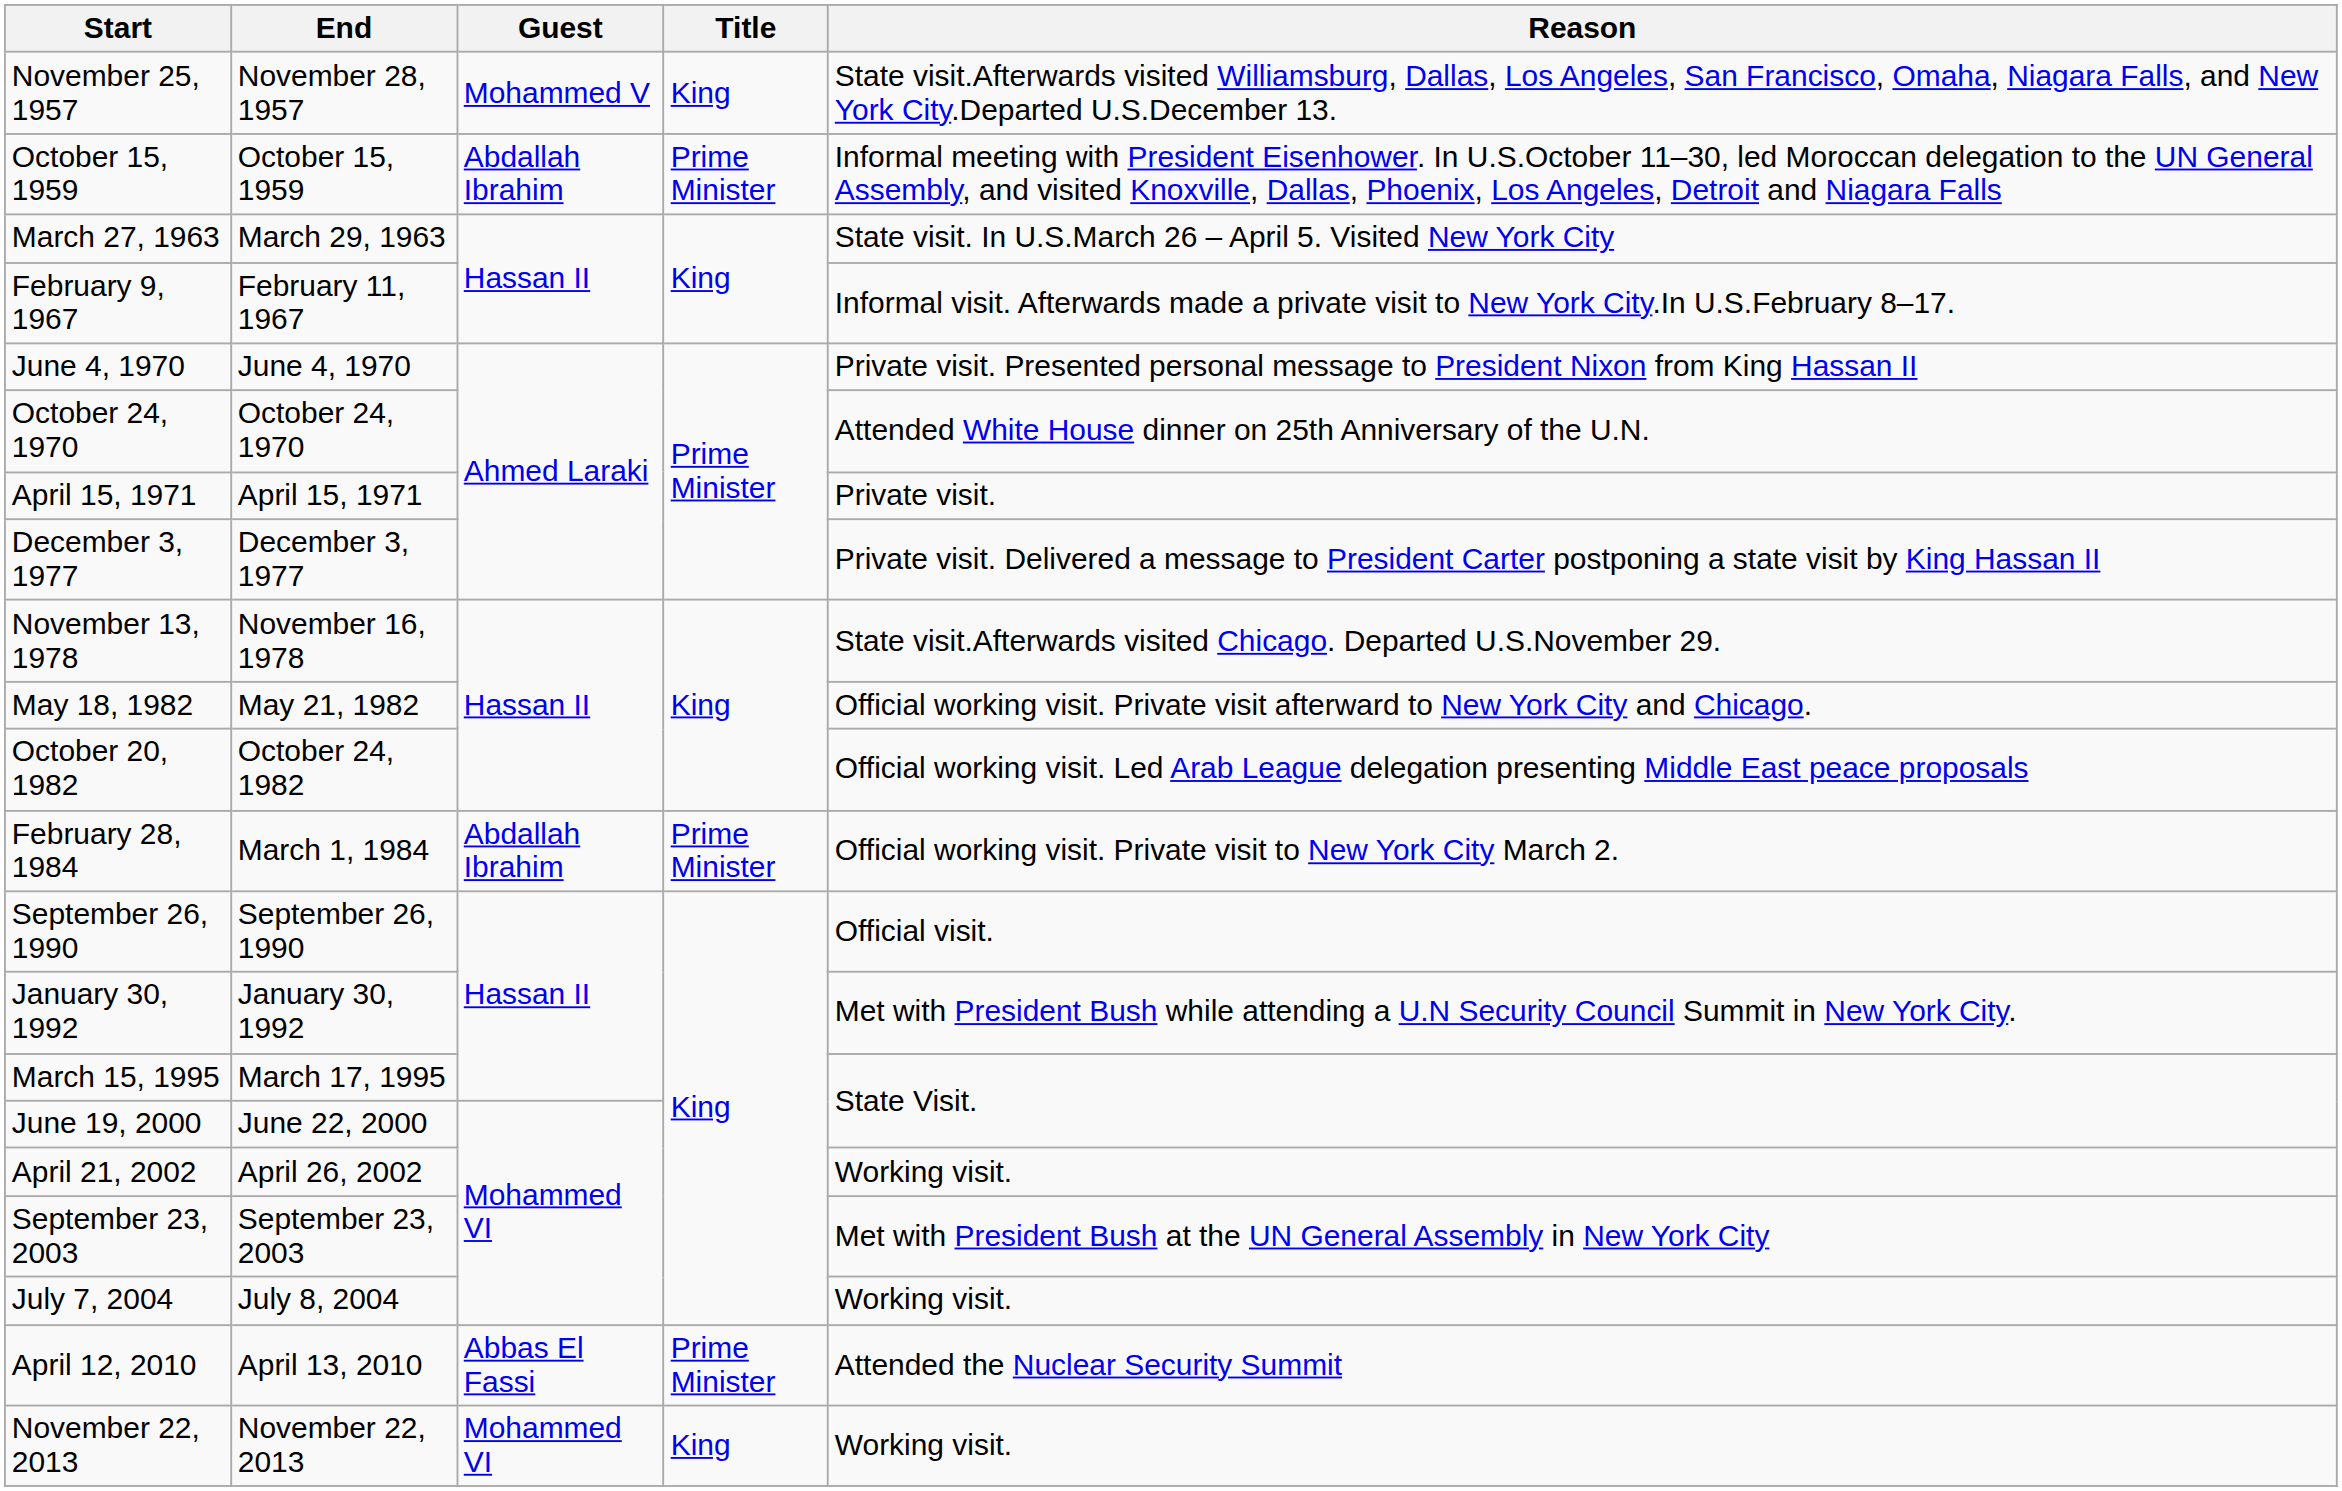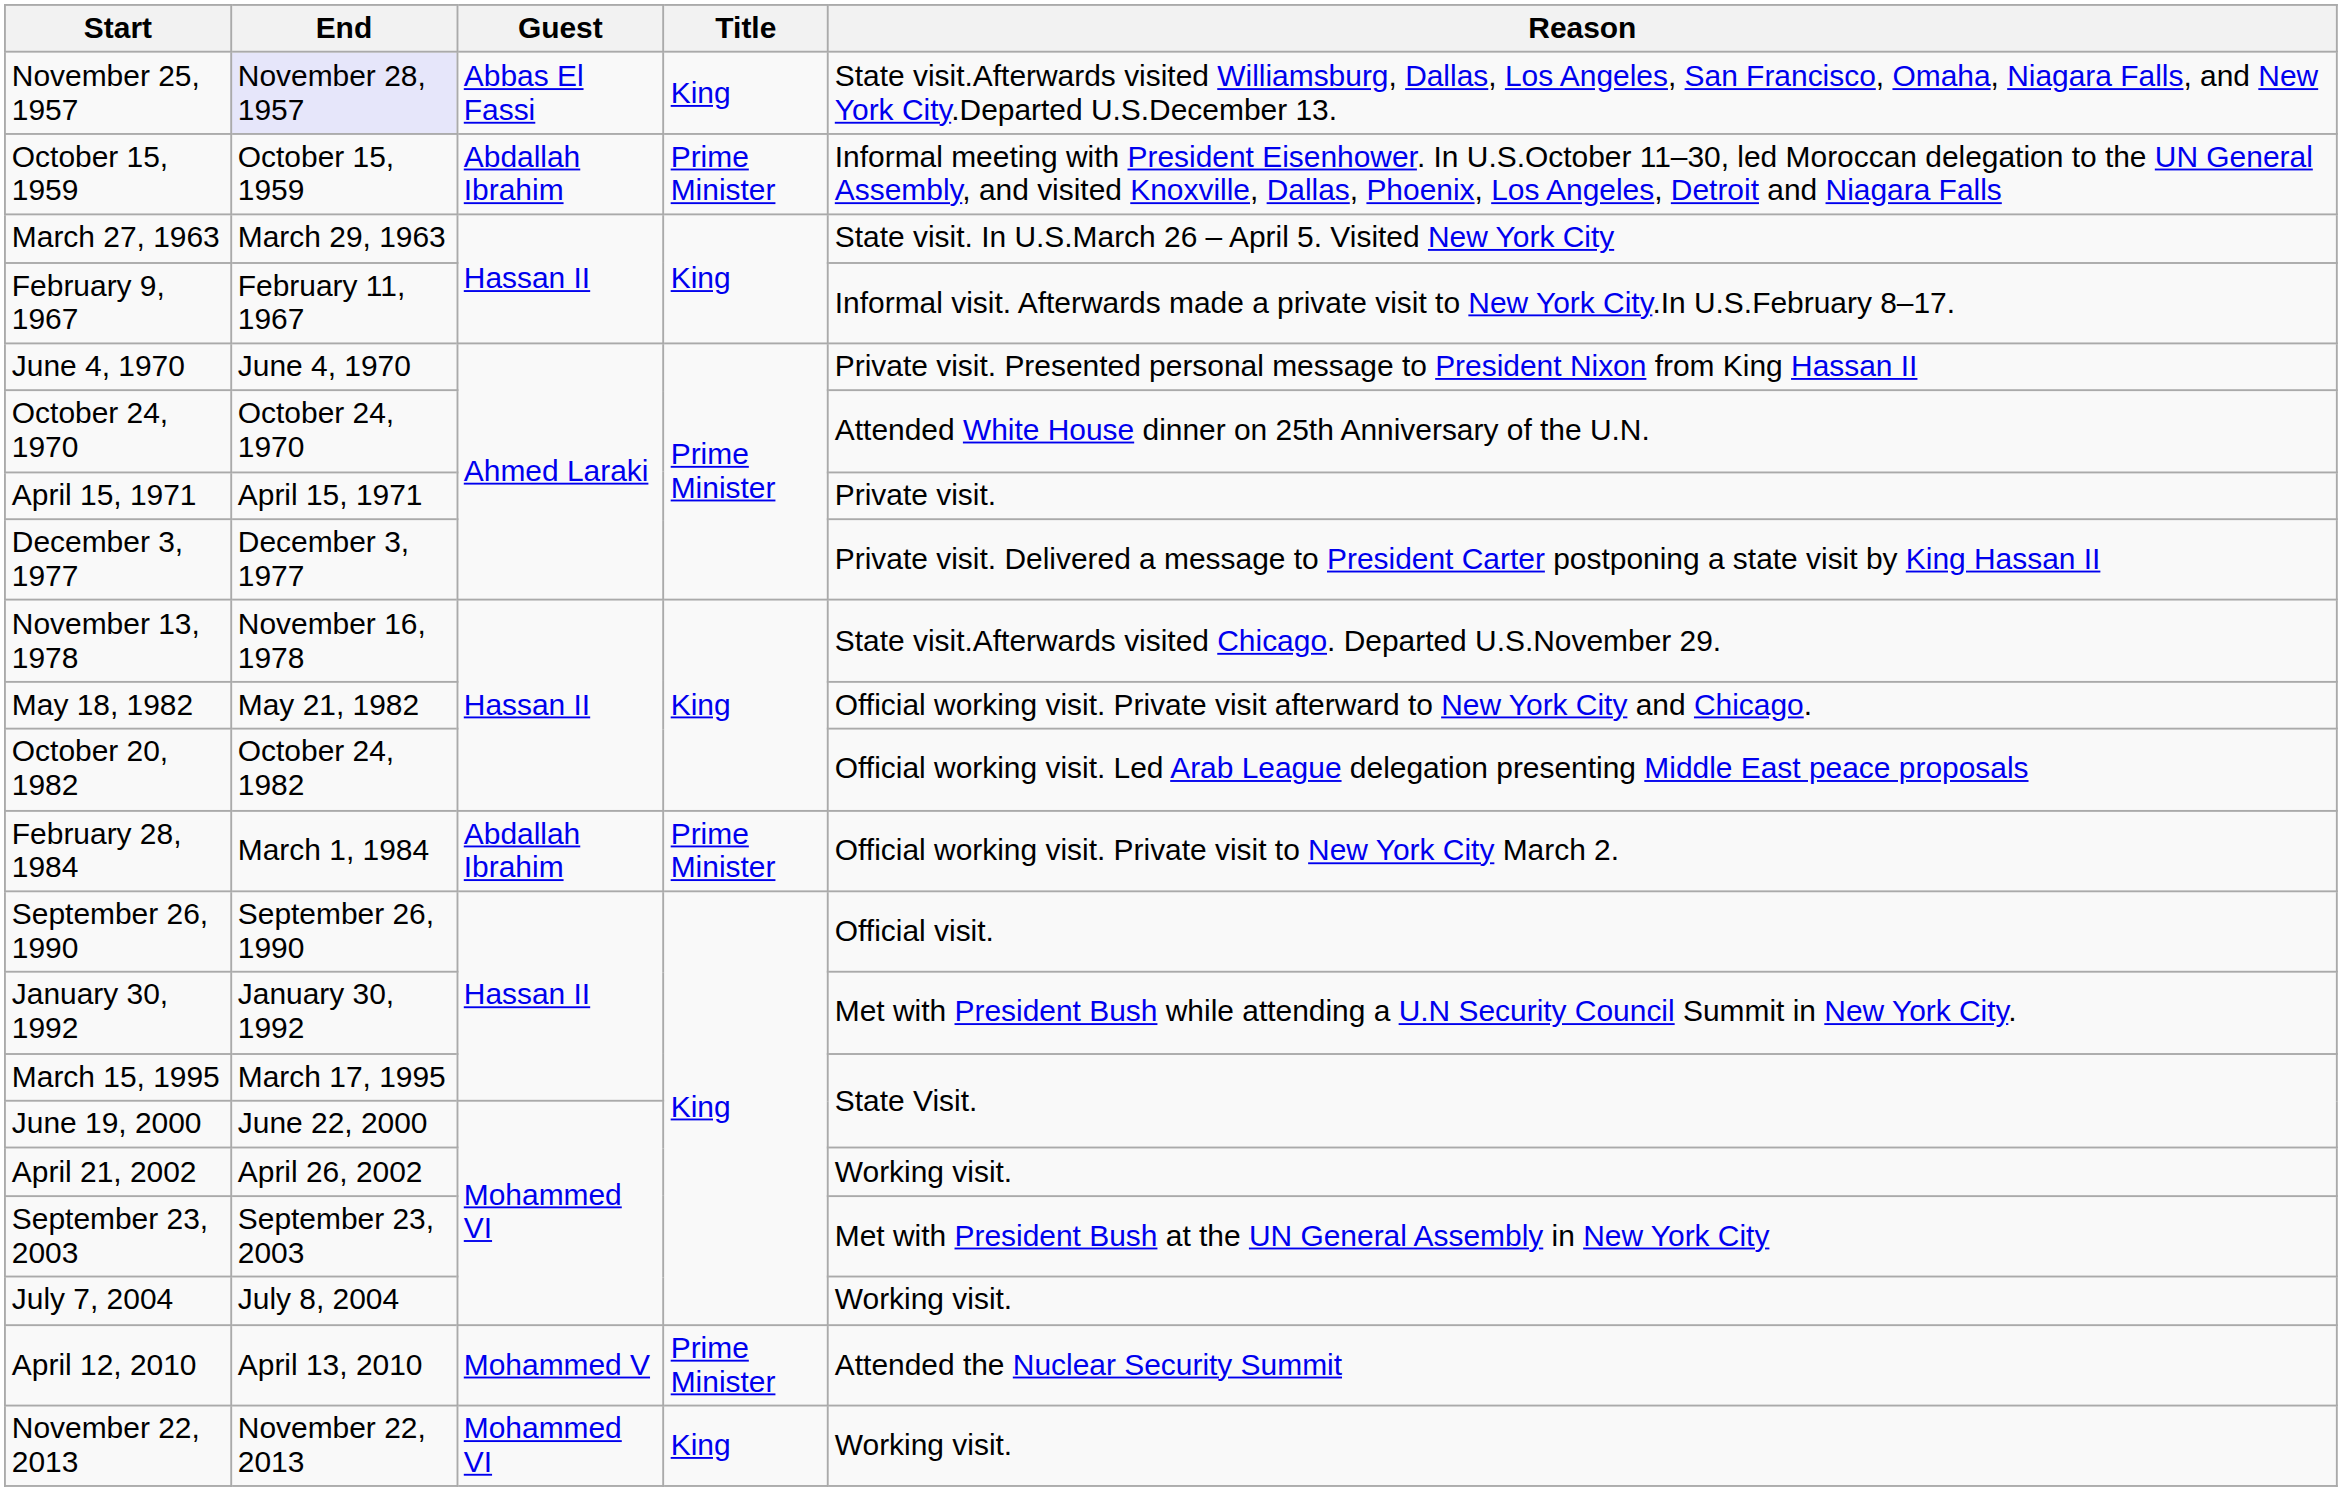 <table class="wikitable sortable">
 <tr>
 <th>Start</th>
 <th>End</th>
 <th>Guest</th>
 <th>Title</th>
 <th>Reason</th>
 </tr>
 <tr>
 <td>November 25, 1957</td>
-<td>November 28, 1957</td>
-<td><a href='#'>Mohammed V</a></td>
+<td style="background: lavender;">November 28, 1957</td>
+<td><a href='#'>Abbas El Fassi</a></td>
 <td><a href='#'>King</a></td>
 <td>State visit.Afterwards visited <a href='#'>Williamsburg</a>, <a href='#'>Dallas</a>, <a href='#'>Los Angeles</a>, <a href='#'>San Francisco</a>, <a href='#'>Omaha</a>, <a href='#'>Niagara Falls</a>, and <a href='#'>New York City</a>.Departed U.S.December 13.</td>
 </tr>
 <tr>
 <td>October 15, 1959</td>
 <td>October 15, 1959</td>
 <td><a href='#'>Abdallah Ibrahim</a></td>
 <td><a href='#'>Prime Minister</a></td>
 <td>Informal meeting with <a href='#'>President Eisenhower</a>. In U.S.October 11–30, led Moroccan delegation to the <a href='#'>UN General Assembly</a>, and visited <a href='#'>Knoxville</a>, <a href='#'>Dallas</a>, <a href='#'>Phoenix</a>, <a href='#'>Los Angeles</a>, <a href='#'>Detroit</a> and <a href='#'>Niagara Falls</a></td>
 </tr>
 <tr>
 <td>March 27, 1963</td>
 <td>March 29, 1963</td>
 <td rowspan=2><a href='#'>Hassan II</a></td>
 <td rowspan=2><a href='#'>King</a></td>
 <td>State visit. In U.S.March 26 – April 5. Visited <a href='#'>New York City</a></td>
 </tr>
 <tr>
 <td>February 9, 1967</td>
 <td>February 11, 1967</td>
 <td>Informal visit. Afterwards made a private visit to <a href='#'>New York City</a>.In U.S.February 8–17.</td>
 </tr>
 <tr>
 <td>June 4, 1970</td>
 <td>June 4, 1970</td>
 <td rowspan=4><a href='#'>Ahmed Laraki</a></td>
 <td rowspan=4><a href='#'>Prime Minister</a></td>
 <td>Private visit. Presented personal message to <a href='#'>President Nixon</a> from King <a href='#'>Hassan II</a></td>
 </tr>
 <tr>
 <td>October 24, 1970</td>
 <td>October 24, 1970</td>
 <td>Attended <a href='#'>White House</a> dinner on 25th Anniversary of the U.N.</td>
 </tr>
 <tr>
 <td>April 15, 1971</td>
 <td>April 15, 1971</td>
 <td>Private visit.</td>
 </tr>
 <tr>
 <td>December 3, 1977</td>
 <td>December 3, 1977</td>
 <td>Private visit. Delivered a message to <a href='#'>President Carter</a> postponing a state visit by <a href='#'>King Hassan II</a></td>
 </tr>
 <tr>
 <td>November 13, 1978</td>
 <td>November 16, 1978</td>
 <td rowspan=3><a href='#'>Hassan II</a></td>
 <td rowspan=3><a href='#'>King</a></td>
 <td>State visit.Afterwards visited <a href='#'>Chicago</a>. Departed U.S.November 29.</td>
 </tr>
 <tr>
 <td>May 18, 1982</td>
 <td>May 21, 1982</td>
 <td>Official working visit. Private visit afterward to <a href='#'>New York City</a> and <a href='#'>Chicago</a>.</td>
 </tr>
 <tr>
 <td>October 20, 1982</td>
 <td>October 24, 1982</td>
 <td>Official working visit. Led <a href='#'>Arab League</a> delegation presenting <a href='#'>Middle East peace proposals</a></td>
 </tr>
 <tr>
 <td>February 28, 1984</td>
 <td>March 1, 1984</td>
 <td><a href='#'>Abdallah Ibrahim</a></td>
 <td><a href='#'>Prime Minister</a></td>
 <td>Official working visit. Private visit to <a href='#'>New York City</a> March 2.</td>
 </tr>
 <tr>
 <td>September 26, 1990</td>
 <td>September 26, 1990</td>
 <td rowspan=3><a href='#'>Hassan II</a></td>
 <td rowspan=7><a href='#'>King</a></td>
 <td>Official visit.</td>
 </tr>
 <tr>
 <td>January 30, 1992</td>
 <td>January 30, 1992</td>
 <td>Met with <a href='#'>President Bush</a> while attending a <a href='#'>U.N Security Council</a> Summit in <a href='#'>New York City</a>.</td>
 </tr>
 <tr>
 <td>March 15, 1995</td>
 <td>March 17, 1995</td>
 <td rowspan=2>State Visit.</td>
 </tr>
 <tr>
 <td>June 19, 2000</td>
 <td>June 22, 2000</td>
 <td rowspan=4><a href='#'>Mohammed VI</a></td>
 </tr>
 <tr>
 <td>April 21, 2002</td>
 <td>April 26, 2002</td>
 <td>Working visit.</td>
 </tr>
 <tr>
 <td>September 23, 2003</td>
 <td>September 23, 2003</td>
 <td>Met with <a href='#'>President Bush</a> at the <a href='#'>UN General Assembly</a> in <a href='#'>New York City</a></td>
 </tr>
 <tr>
 <td>July 7, 2004</td>
 <td>July 8, 2004</td>
 <td>Working visit.</td>
 </tr>
 <tr>
 <td>April 12, 2010</td>
 <td>April 13, 2010</td>
-<td><a href='#'>Abbas El Fassi</a></td>
+<td><a href='#'>Mohammed V</a></td>
 <td><a href='#'>Prime Minister</a></td>
 <td>Attended the <a href='#'>Nuclear Security Summit</a></td>
 </tr>
 <tr>
 <td>November 22, 2013</td>
 <td>November 22, 2013</td>
 <td><a href='#'>Mohammed VI</a></td>
 <td><a href='#'>King</a></td>
 <td>Working visit.</td>
 </tr>
 </table>
